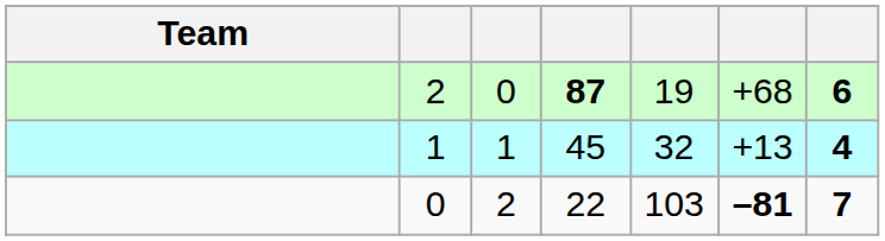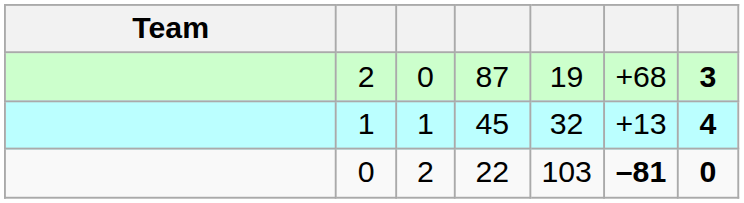 <table class="wikitable" style="text-align:center;">
 <tr>
 <th style="width:10.5em;">Team</th>
 <th style="width:1.5em;"></th>
 <th style="width:1.5em;"></th>
 <th style="width:2.0em;"></th>
 <th style="width:2.0em;"></th>
 <th style="width:2.0em;"></th>
 <th style="width:1.5em;"></th>
 </tr>
 <tr bgcolor=#cfc>
 <td align="left"></td>
 <td>2</td>
 <td>0</td>
-<td><strong>87</strong></td>
+<td>87</td>
 <td>19</td>
 <td>+68</td>
-<td><strong>6</strong></td>
+<td><strong>3</strong></td>
 </tr>
 <tr bgcolor=#bff>
 <td align="left"></td>
 <td>1</td>
 <td>1</td>
 <td>45</td>
 <td>32</td>
 <td>+13</td>
 <td><strong>4</strong></td>
 </tr>
 <tr>
 <td align="left"></td>
 <td>0</td>
 <td>2</td>
 <td>22</td>
 <td>103</td>
 <td><strong>–81</strong></td>
-<td><strong>7</strong></td>
+<td><strong>0</strong></td>
 </tr>
 </table>
